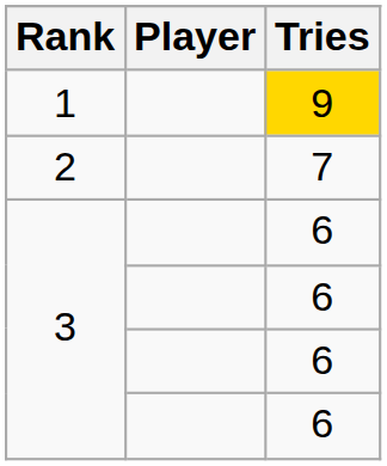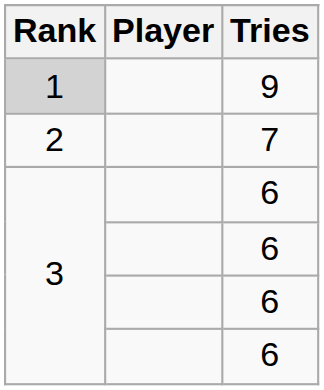 <table class="wikitable sortable" style="text-align:center;">
 <tr>
 </tr>
 <tr>
 <th>Rank</th>
 <th>Player</th>
 <th>Tries</th>
 </tr>
 <tr>
-<td>1</td>
+<td style="background: lightgrey;">1</td>
 <td align=left> </td>
-<td style="background: gold;">9</td>
+<td>9</td>
 </tr>
 <tr>
 <td>2</td>
 <td align=left> </td>
 <td>7</td>
 </tr>
 <tr>
 <td rowspan=4>3</td>
 <td align=left> </td>
 <td>6</td>
 </tr>
 <tr>
 <td align=left> </td>
 <td>6</td>
 </tr>
 <tr>
 <td align=left> </td>
 <td>6</td>
 </tr>
 <tr>
 <td align=left> </td>
 <td>6</td>
 </tr>
 </table>
